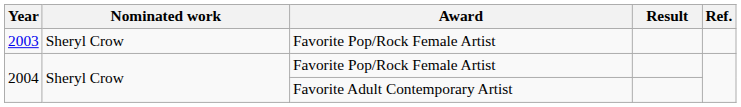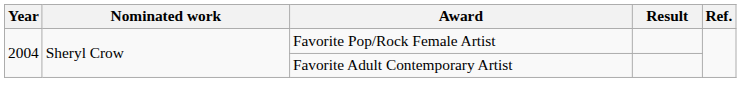 <table class="wikitable">
 <tr>
 <th>Year</th>
 <th width="250">Nominated work</th>
 <th width="350">Award</th>
 <th width="65">Result</th>
 <th>Ref.</th>
-</tr>
-<tr>
-<td><a href='#'>2003</a></td>
-<td>Sheryl Crow</td>
-<td>Favorite Pop/Rock Female Artist</td>
-<td></td>
-<td align="center"></td>
 </tr>
 <tr>
 <td align="center" rowspan=2>2004</td>
 <td rowspan=2>Sheryl Crow</td>
 <td>Favorite Pop/Rock Female Artist</td>
 <td></td>
 <td align="center" rowspan=2></td>
 </tr>
 <tr>
 <td>Favorite Adult Contemporary Artist</td>
 <td></td>
 </tr>
 </table>
